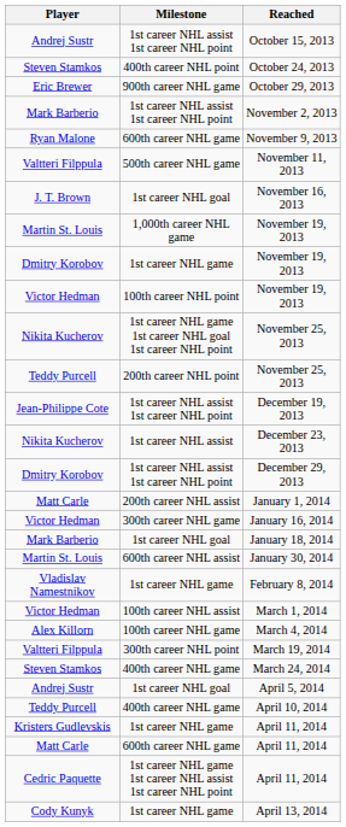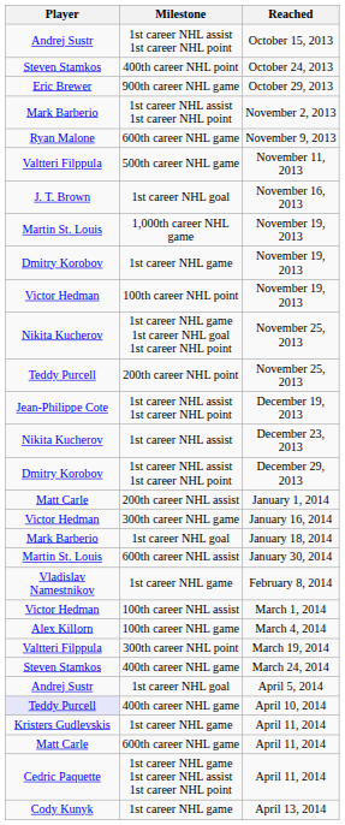 <table class="wikitable" width="50%" style="text-align:center">
 <tr>
 <th>Player</th>
 <th>Milestone</th>
 <th>Reached</th>
 </tr>
 <tr>
 <td><a href='#'>Andrej Sustr</a></td>
 <td>1st career NHL assist<br>1st career NHL point</td>
 <td>October 15, 2013</td>
 </tr>
 <tr>
 <td><a href='#'>Steven Stamkos</a></td>
 <td>400th career NHL point</td>
 <td>October 24, 2013</td>
 </tr>
 <tr>
 <td><a href='#'>Eric Brewer</a></td>
 <td>900th career NHL game</td>
 <td>October 29, 2013</td>
 </tr>
 <tr>
 <td><a href='#'>Mark Barberio</a></td>
 <td>1st career NHL assist<br>1st career NHL point</td>
 <td>November 2, 2013</td>
 </tr>
 <tr>
 <td><a href='#'>Ryan Malone</a></td>
 <td>600th career NHL game</td>
 <td>November 9, 2013</td>
 </tr>
 <tr>
 <td><a href='#'>Valtteri Filppula</a></td>
 <td>500th career NHL game</td>
 <td>November 11, 2013</td>
 </tr>
 <tr>
 <td><a href='#'>J. T. Brown</a></td>
 <td>1st career NHL goal</td>
 <td>November 16, 2013</td>
 </tr>
 <tr>
 <td><a href='#'>Martin St. Louis</a></td>
 <td>1,000th career NHL game</td>
 <td>November 19, 2013</td>
 </tr>
 <tr>
 <td><a href='#'>Dmitry Korobov</a></td>
 <td>1st career NHL game</td>
 <td>November 19, 2013</td>
 </tr>
 <tr>
 <td><a href='#'>Victor Hedman</a></td>
 <td>100th career NHL point</td>
 <td>November 19, 2013</td>
 </tr>
 <tr>
 <td><a href='#'>Nikita Kucherov</a></td>
 <td>1st career NHL game<br>1st career NHL goal<br>1st career NHL point</td>
 <td>November 25, 2013</td>
 </tr>
 <tr>
 <td><a href='#'>Teddy Purcell</a></td>
 <td>200th career NHL point</td>
 <td>November 25, 2013</td>
 </tr>
 <tr>
 <td><a href='#'>Jean-Philippe Cote</a></td>
 <td>1st career NHL assist<br>1st career NHL point</td>
 <td>December 19, 2013</td>
 </tr>
 <tr>
 <td><a href='#'>Nikita Kucherov</a></td>
 <td>1st career NHL assist</td>
 <td>December 23, 2013</td>
 </tr>
 <tr>
 <td><a href='#'>Dmitry Korobov</a></td>
 <td>1st career NHL assist<br>1st career NHL point</td>
 <td>December 29, 2013</td>
 </tr>
 <tr>
 <td><a href='#'>Matt Carle</a></td>
 <td>200th career NHL assist</td>
 <td>January 1, 2014</td>
 </tr>
 <tr>
 <td><a href='#'>Victor Hedman</a></td>
 <td>300th career NHL game</td>
 <td>January 16, 2014</td>
 </tr>
 <tr>
 <td><a href='#'>Mark Barberio</a></td>
 <td>1st career NHL goal</td>
 <td>January 18, 2014</td>
 </tr>
 <tr>
 <td><a href='#'>Martin St. Louis</a></td>
 <td>600th career NHL assist</td>
 <td>January 30, 2014</td>
 </tr>
 <tr>
 <td><a href='#'>Vladislav Namestnikov</a></td>
 <td>1st career NHL game</td>
 <td>February 8, 2014</td>
 </tr>
 <tr>
 <td><a href='#'>Victor Hedman</a></td>
 <td>100th career NHL assist</td>
 <td>March 1, 2014</td>
 </tr>
 <tr>
 <td><a href='#'>Alex Killorn</a></td>
 <td>100th career NHL game</td>
 <td>March 4, 2014</td>
 </tr>
 <tr>
 <td><a href='#'>Valtteri Filppula</a></td>
 <td>300th career NHL point</td>
 <td>March 19, 2014</td>
 </tr>
 <tr>
 <td><a href='#'>Steven Stamkos</a></td>
 <td>400th career NHL game</td>
 <td>March 24, 2014</td>
 </tr>
 <tr>
 <td><a href='#'>Andrej Sustr</a></td>
 <td>1st career NHL goal</td>
 <td>April 5, 2014</td>
 </tr>
 <tr>
-<td><a href='#'>Teddy Purcell</a></td>
+<td style="background: lavender;"><a href='#'>Teddy Purcell</a></td>
 <td>400th career NHL game</td>
 <td>April 10, 2014</td>
 </tr>
 <tr>
 <td><a href='#'>Kristers Gudlevskis</a></td>
 <td>1st career NHL game</td>
 <td>April 11, 2014</td>
 </tr>
 <tr>
 <td><a href='#'>Matt Carle</a></td>
 <td>600th career NHL game</td>
 <td>April 11, 2014</td>
 </tr>
 <tr>
 <td><a href='#'>Cedric Paquette</a></td>
 <td>1st career NHL game<br>1st career NHL assist<br>1st career NHL point</td>
 <td>April 11, 2014</td>
 </tr>
 <tr>
 <td><a href='#'>Cody Kunyk</a></td>
 <td>1st career NHL game</td>
 <td>April 13, 2014</td>
 </tr>
 </table>
